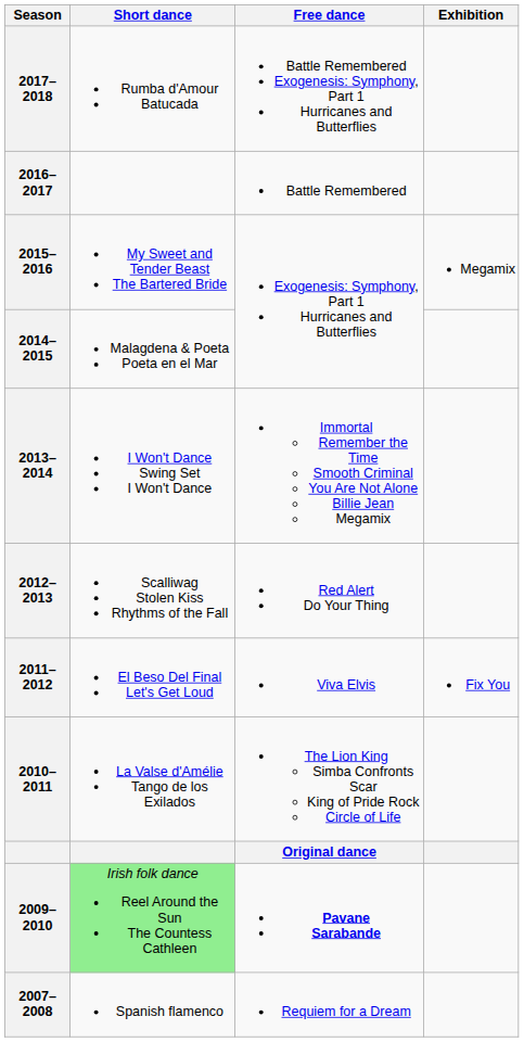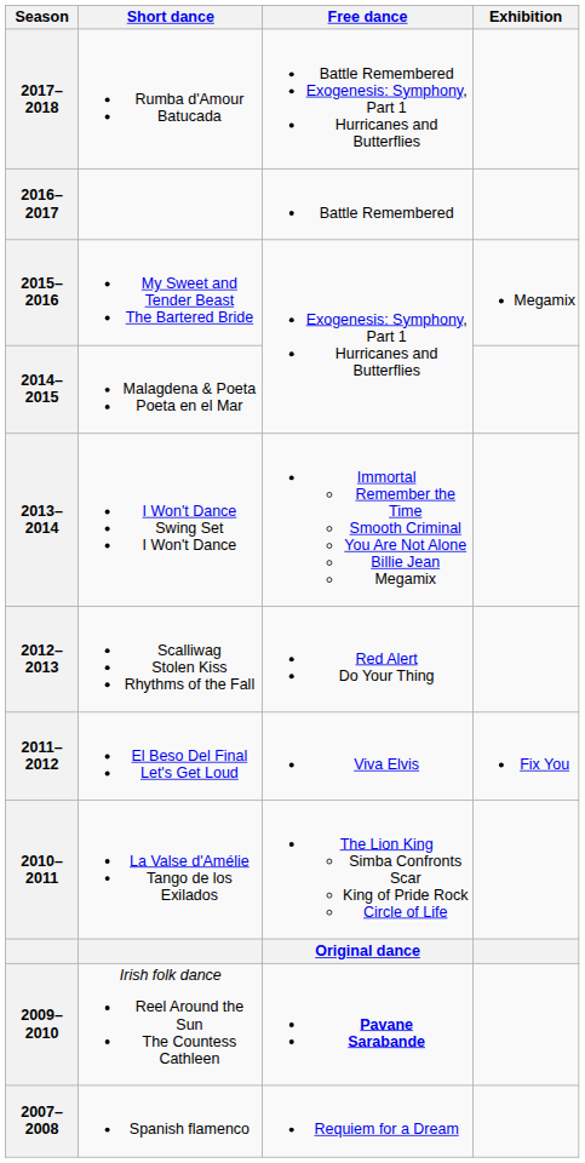 <table class="wikitable" style="text-align:center">
 <tr>
 <th>Season</th>
 <th><a href='#'>Short dance</a></th>
 <th><a href='#'>Free dance</a></th>
 <th>Exhibition</th>
 </tr>
 <tr>
 <th>2017–2018 <br></th>
 <td><br><ul><li> Rumba d'Amour <br></li><li> Batucada <br></li></ul></td>
 <td><br><ul><li>Battle Remembered <br></li><li><a href='#'>Exogenesis: Symphony</a>, Part 1 <br></li><li>Hurricanes and Butterflies <br></li></ul></td>
 <td></td>
 </tr>
 <tr>
 <th>2016–2017 <br></th>
 <td></td>
 <td><br><ul><li>Battle Remembered <br></li></ul></td>
 <td></td>
 </tr>
 <tr>
 <th>2015–2016 <br></th>
 <td><br><ul><li> <a href='#'>My Sweet and Tender Beast</a> <br></li><li> <a href='#'>The Bartered Bride</a> <br></li></ul></td>
 <td rowspan=2><br><ul><li><a href='#'>Exogenesis: Symphony</a>, Part 1 <br></li><li>Hurricanes and Butterflies <br></li></ul></td>
 <td><br><ul><li>Megamix <br></li></ul></td>
 </tr>
 <tr>
 <th>2014–2015 <br> </th>
 <td><br><ul><li> Malagdena & Poeta</li><li> Poeta en el Mar</li></ul></td>
 <td></td>
 </tr>
 <tr>
 <th>2013–2014 <br> </th>
 <td><br><ul><li><a href='#'>I Won't Dance</a> <br></li><li>Swing Set <br></li><li>I Won't Dance <br></li></ul></td>
 <td><br><ul><li><a href='#'>Immortal</a> <br><ul><li><a href='#'>Remember the Time</a></li><li><a href='#'>Smooth Criminal</a></li><li><a href='#'>You Are Not Alone</a></li><li><a href='#'>Billie Jean</a></li><li>Megamix</li></ul></li></ul></td>
 <td></td>
 </tr>
 <tr>
 <th>2012–2013 <br> </th>
 <td><br><ul><li> Scalliwag <br></li><li> Stolen Kiss <br></li><li> Rhythms of the Fall</li></ul></td>
 <td><br><ul><li><a href='#'>Red Alert</a> <br></li><li>Do Your Thing <br></li></ul></td>
 <td></td>
 </tr>
 <tr>
 <th>2011–2012 <br> </th>
 <td><br><ul><li><a href='#'>El Beso Del Final</a> <br></li><li><a href='#'>Let's Get Loud</a> <br></li></ul></td>
 <td><br><ul><li><a href='#'>Viva Elvis</a> <br></li></ul></td>
 <td><br><ul><li><a href='#'>Fix You</a> <br></li></ul></td>
 </tr>
 <tr>
 <th>2010–2011 <br> </th>
 <td><br><ul><li><a href='#'>La Valse d'Amélie</a> <br></li><li>Tango de los Exilados <br></li></ul></td>
 <td><br><ul><li><a href='#'>The Lion King</a><ul><li>Simba Confronts Scar</li><li>King of Pride Rock</li><li><a href='#'>Circle of Life</a> <br></li></ul></li></ul></td>
 <td></td>
 </tr>
 <tr>
 <th></th>
 <th></th>
 <th><a href='#'>Original dance</a></th>
 <th></th>
 </tr>
 <tr>
 <th>2009–2010 <br> </th>
-<td style="background: lightgreen;"><em>Irish folk dance</em><br><ul><li>Reel Around the Sun</li><li>The Countess Cathleen <br></li></ul></td>
+<td><em>Irish folk dance</em><br><ul><li>Reel Around the Sun</li><li>The Countess Cathleen <br></li></ul></td>
 <td><strong><br><ul><li><a href='#'>Pavane</a> <br></li><li><a href='#'>Sarabande</a> <br></li></ul></strong></td>
 <td></td>
 </tr>
 <tr>
 <th>2007–2008 <br> </th>
 <td><br><ul><li>Spanish flamenco</li></ul></td>
 <td><br><ul><li><a href='#'>Requiem for a Dream</a> <br></li></ul></td>
 <td></td>
 </tr>
 </table>
